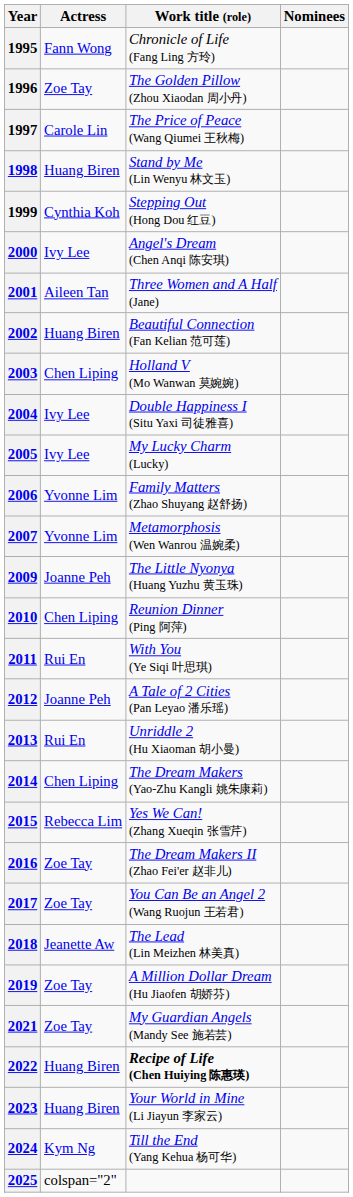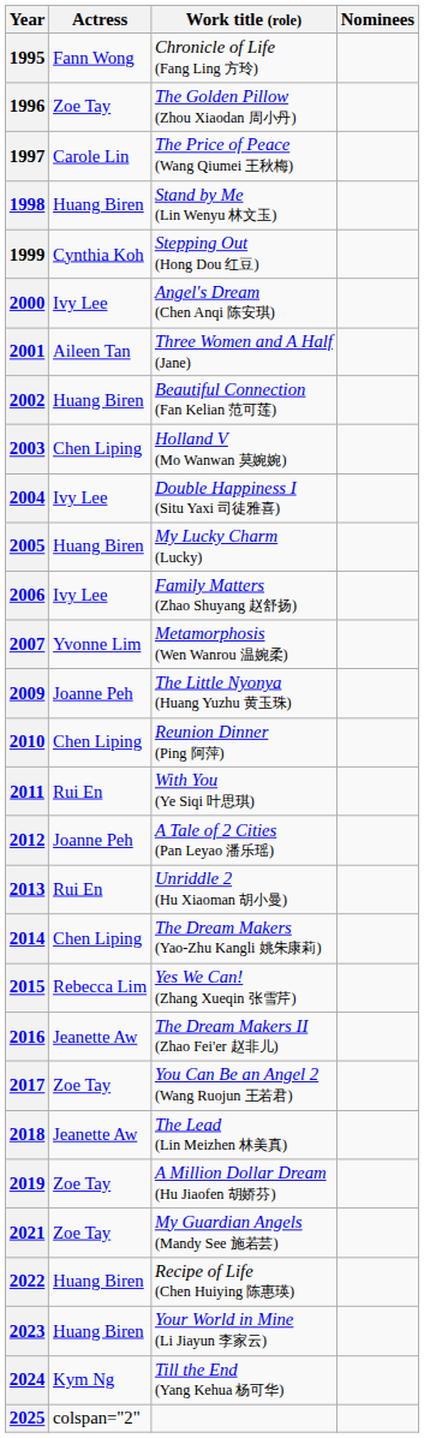 <table class="wikitable sortable">
 <tr>
 <th>Year</th>
 <th>Actress</th>
 <th>Work title <small>(role)</small></th>
 <th>Nominees</th>
 </tr>
 <tr>
 <th scope="row">1995</th>
 <td><a href='#'>Fann Wong</a></td>
 <td><em>Chronicle of Life</em><br><small>(Fang Ling 方玲)</small></td>
 <td></td>
 </tr>
 <tr>
 <th scope="row">1996</th>
 <td><a href='#'>Zoe Tay</a></td>
 <td><em><a href='#'>The Golden Pillow</a></em><br><small>(Zhou Xiaodan 周小丹)</small></td>
 <td></td>
 </tr>
 <tr>
 <th scope="row">1997</th>
 <td><a href='#'>Carole Lin</a></td>
 <td><em><a href='#'>The Price of Peace</a></em><br><small>(Wang Qiumei 王秋梅)</small></td>
 <td></td>
 </tr>
 <tr>
 <th scope="row"><a href='#'>1998</a></th>
 <td><a href='#'>Huang Biren</a></td>
 <td><em><a href='#'>Stand by Me</a></em><br><small>(Lin Wenyu 林文玉)</small></td>
 <td></td>
 </tr>
 <tr>
 <th scope="row">1999</th>
 <td><a href='#'>Cynthia Koh</a></td>
 <td><em><a href='#'>Stepping Out</a></em><br><small>(Hong Dou 红豆)</small></td>
 <td></td>
 </tr>
 <tr>
 <th scope="row"><a href='#'>2000</a></th>
 <td><a href='#'>Ivy Lee</a></td>
 <td><em><a href='#'>Angel's Dream</a></em><br><small>(Chen Anqi 陈安琪)</small></td>
 <td></td>
 </tr>
 <tr>
 <th scope="row"><a href='#'>2001</a></th>
 <td><a href='#'>Aileen Tan</a></td>
 <td><em><a href='#'>Three Women and A Half</a></em><br><small>(Jane)</small></td>
 <td></td>
 </tr>
 <tr>
 <th scope="row"><a href='#'>2002</a></th>
 <td><a href='#'>Huang Biren</a></td>
 <td><em><a href='#'>Beautiful Connection</a></em><br><small>(Fan Kelian 范可莲)</small></td>
 <td></td>
 </tr>
 <tr>
 <th scope="row"><a href='#'>2003</a></th>
 <td><a href='#'>Chen Liping</a></td>
 <td><em><a href='#'>Holland V</a></em><br><small>(Mo Wanwan 莫婉婉)</small></td>
 <td></td>
 </tr>
 <tr>
 <th scope="row"><a href='#'>2004</a></th>
 <td><a href='#'>Ivy Lee</a></td>
 <td><em><a href='#'>Double Happiness I</a></em><br><small>(Situ Yaxi 司徒雅喜)</small></td>
 <td></td>
 </tr>
 <tr>
 <th scope="row"><a href='#'>2005</a></th>
-<td><a href='#'>Ivy Lee</a></td>
+<td><a href='#'>Huang Biren</a></td>
 <td><em><a href='#'>My Lucky Charm</a></em><br><small>(Lucky)</small></td>
 <td></td>
 </tr>
 <tr>
 <th scope="row"><a href='#'>2006</a></th>
-<td><a href='#'>Yvonne Lim</a></td>
+<td><a href='#'>Ivy Lee</a></td>
 <td><em><a href='#'>Family Matters</a></em><br><small>(Zhao Shuyang 赵舒扬)</small></td>
 <td></td>
 </tr>
 <tr>
 <th scope="row"><a href='#'>2007</a></th>
 <td><a href='#'>Yvonne Lim</a></td>
 <td><em><a href='#'>Metamorphosis</a></em><br><small>(Wen Wanrou 温婉柔)</small></td>
 <td></td>
 </tr>
 <tr>
 <th scope="row"><a href='#'>2009</a></th>
 <td><a href='#'>Joanne Peh</a></td>
 <td><em><a href='#'>The Little Nyonya</a></em><br><small>(Huang Yuzhu 黄玉珠)</small></td>
 <td></td>
 </tr>
 <tr>
 <th scope="row"><a href='#'>2010</a></th>
 <td><a href='#'>Chen Liping</a></td>
 <td><em><a href='#'>Reunion Dinner</a></em><br><small>(Ping 阿萍)</small></td>
 <td></td>
 </tr>
 <tr>
 <th scope="row"><a href='#'>2011</a></th>
 <td><a href='#'>Rui En</a></td>
 <td><em><a href='#'>With You</a></em><br><small>(Ye Siqi 叶思琪)</small></td>
 <td></td>
 </tr>
 <tr>
 <th scope="row"><a href='#'>2012</a></th>
 <td><a href='#'>Joanne Peh</a></td>
 <td><em><a href='#'>A Tale of 2 Cities</a></em><br><small>(Pan Leyao 潘乐瑶)</small></td>
 <td></td>
 </tr>
 <tr>
 <th scope="row"><a href='#'>2013</a></th>
 <td><a href='#'>Rui En</a></td>
 <td><em><a href='#'>Unriddle 2</a></em><br><small>(Hu Xiaoman 胡小曼)</small></td>
 <td></td>
 </tr>
 <tr>
 <th scope="row"><a href='#'>2014</a></th>
 <td><a href='#'>Chen Liping</a></td>
 <td><em><a href='#'>The Dream Makers</a></em><br><small>(Yao-Zhu Kangli 姚朱康莉)</small></td>
 <td></td>
 </tr>
 <tr>
 <th scope="row"><a href='#'>2015</a></th>
 <td><a href='#'>Rebecca Lim</a></td>
 <td><em><a href='#'>Yes We Can!</a></em><br><small>(Zhang Xueqin 张雪芹)</small></td>
 <td></td>
 </tr>
 <tr>
 <th scope="row"><a href='#'>2016</a></th>
-<td><a href='#'>Zoe Tay</a></td>
+<td><a href='#'>Jeanette Aw</a></td>
 <td><em><a href='#'>The Dream Makers II</a></em><br><small>(Zhao Fei'er 赵非儿)</small></td>
 <td></td>
 </tr>
 <tr>
 <th scope="row"><a href='#'>2017</a></th>
 <td><a href='#'>Zoe Tay</a></td>
 <td><em><a href='#'>You Can Be an Angel 2</a></em><br><small>(Wang Ruojun 王若君)</small></td>
 <td></td>
 </tr>
 <tr>
 <th scope="row"><a href='#'>2018</a></th>
 <td><a href='#'>Jeanette Aw</a></td>
 <td><em><a href='#'>The Lead</a></em><br><small>(Lin Meizhen 林美真)</small></td>
 <td></td>
 </tr>
 <tr>
 <th scope="row"><a href='#'>2019</a></th>
 <td><a href='#'>Zoe Tay</a></td>
 <td><em><a href='#'>A Million Dollar Dream</a></em><br><small>(Hu Jiaofen 胡娇芬)</small></td>
 <td></td>
 </tr>
 <tr>
 <th scope="row"><a href='#'>2021</a></th>
 <td><a href='#'>Zoe Tay</a></td>
 <td><em><a href='#'>My Guardian Angels</a></em><br><small>(Mandy See 施若芸)</small></td>
 <td></td>
 </tr>
 <tr>
 <th scope="row"><a href='#'>2022</a></th>
 <td><a href='#'>Huang Biren</a></td>
-<td><strong><em>Recipe of Life </em><br><small>(Chen Huiying 陈惠瑛)</small></strong></td>
+<td><em>Recipe of Life </em><br><small>(Chen Huiying 陈惠瑛)</small></td>
 <td></td>
 </tr>
 <tr>
 <th scope="row"><a href='#'>2023</a></th>
 <td><a href='#'>Huang Biren</a></td>
 <td><em><a href='#'>Your World in Mine</a></em><br><small>(Li Jiayun 李家云)</small></td>
 <td></td>
 </tr>
 <tr>
 <th scope="row"><a href='#'>2024</a></th>
 <td><a href='#'>Kym Ng</a></td>
 <td><em><a href='#'>Till the End</a></em> <br><small>(Yang Kehua 杨可华)</small></td>
 <td></td>
 </tr>
 <tr>
 <th scope="row"><a href='#'>2025</a></th>
 <td>colspan="2" </td>
 <td></td>
 </tr>
 </table>
